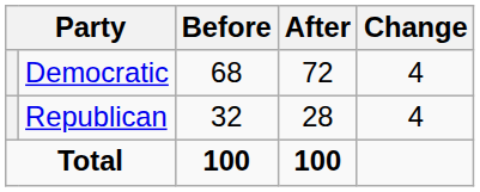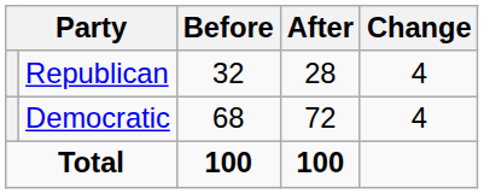 <table class="wikitable" style="text-align:center;">
 <tr>
 <th colspan="2">Party</th>
 <th>Before</th>
 <th>After</th>
 <th>Change</th>
 </tr>
 <tr>
 <th style="background-color:"></th>
-<td style="text-align:left;"><a href='#'>Democratic</a></td>
-<td>68</td>
-<td>72</td>
+<td style="text-align:left;"><a href='#'>Republican</a></td>
+<td>32</td>
+<td>28</td>
 <td> 4</td>
 </tr>
 <tr>
 <th style="background-color:"></th>
-<td style="text-align:left;"><a href='#'>Republican</a></td>
-<td>32</td>
-<td>28</td>
+<td style="text-align:left;"><a href='#'>Democratic</a></td>
+<td>68</td>
+<td>72</td>
 <td> 4</td>
 </tr>
 <tr>
 <td colspan="2"><strong>Total</strong></td>
 <td><strong>100</strong></td>
 <td><strong>100</strong></td>
 <td></td>
 </tr>
 </table>
